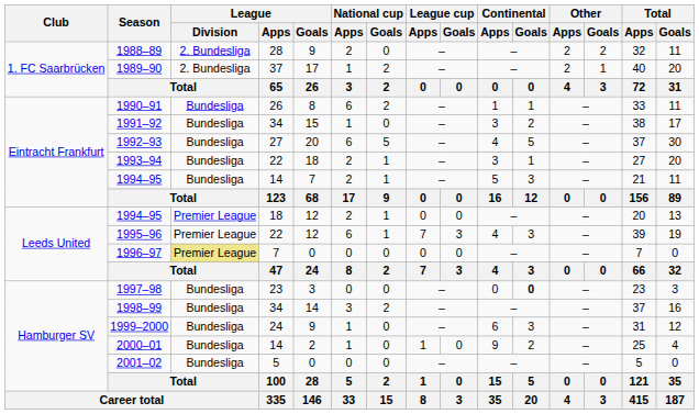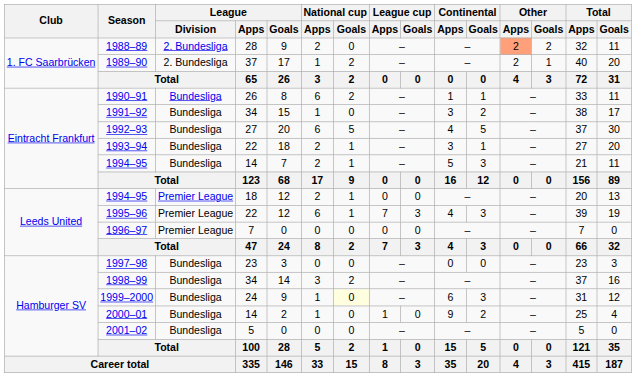 <table class="wikitable" style="text-align:center">
 <tr>
 <th rowspan="2">Club</th>
 <th rowspan="2">Season</th>
 <th colspan="3">League</th>
 <th colspan="2">National cup</th>
 <th colspan="2">League cup</th>
 <th colspan="2">Continental</th>
 <th colspan="2">Other</th>
 <th colspan="2">Total</th>
 </tr>
 <tr>
 <th>Division</th>
 <th>Apps</th>
 <th>Goals</th>
 <th>Apps</th>
 <th>Goals</th>
 <th>Apps</th>
 <th>Goals</th>
 <th>Apps</th>
 <th>Goals</th>
 <th>Apps</th>
 <th>Goals</th>
 <th>Apps</th>
 <th>Goals</th>
 </tr>
 <tr>
 <td rowspan="3"><a href='#'>1. FC Saarbrücken</a></td>
 <td><a href='#'>1988–89</a></td>
 <td><a href='#'>2. Bundesliga</a></td>
 <td>28</td>
 <td>9</td>
 <td>2</td>
 <td>0</td>
 <td colspan="2">–</td>
 <td colspan="2">–</td>
-<td>2</td>
+<td style="background: lightsalmon;">2</td>
 <td>2</td>
 <td>32</td>
 <td>11</td>
 </tr>
 <tr>
 <td><a href='#'>1989–90</a></td>
 <td>2. Bundesliga</td>
 <td>37</td>
 <td>17</td>
 <td>1</td>
 <td>2</td>
 <td colspan="2">–</td>
 <td colspan="2">–</td>
 <td>2</td>
 <td>1</td>
 <td>40</td>
 <td>20</td>
 </tr>
 <tr>
 <th colspan="2">Total</th>
 <th>65</th>
 <th>26</th>
 <th>3</th>
 <th>2</th>
 <th>0</th>
 <th>0</th>
 <th>0</th>
 <th>0</th>
 <th>4</th>
 <th>3</th>
 <th>72</th>
 <th>31</th>
 </tr>
 <tr>
 <td rowspan="6"><a href='#'>Eintracht Frankfurt</a></td>
 <td><a href='#'>1990–91</a></td>
 <td><a href='#'>Bundesliga</a></td>
 <td>26</td>
 <td>8</td>
 <td>6</td>
 <td>2</td>
 <td colspan="2">–</td>
 <td>1</td>
 <td>1</td>
 <td colspan="2">–</td>
 <td>33</td>
 <td>11</td>
 </tr>
 <tr>
 <td><a href='#'>1991–92</a></td>
 <td>Bundesliga</td>
 <td>34</td>
 <td>15</td>
 <td>1</td>
 <td>0</td>
 <td colspan="2">–</td>
 <td>3</td>
 <td>2</td>
 <td colspan="2">–</td>
 <td>38</td>
 <td>17</td>
 </tr>
 <tr>
 <td><a href='#'>1992–93</a></td>
 <td>Bundesliga</td>
 <td>27</td>
 <td>20</td>
 <td>6</td>
 <td>5</td>
 <td colspan="2">–</td>
 <td>4</td>
 <td>5</td>
 <td colspan="2">–</td>
 <td>37</td>
 <td>30</td>
 </tr>
 <tr>
 <td><a href='#'>1993–94</a></td>
 <td>Bundesliga</td>
 <td>22</td>
 <td>18</td>
 <td>2</td>
 <td>1</td>
 <td colspan="2">–</td>
 <td>3</td>
 <td>1</td>
 <td colspan="2">–</td>
 <td>27</td>
 <td>20</td>
 </tr>
 <tr>
 <td><a href='#'>1994–95</a></td>
 <td>Bundesliga</td>
 <td>14</td>
 <td>7</td>
 <td>2</td>
 <td>1</td>
 <td colspan="2">–</td>
 <td>5</td>
 <td>3</td>
 <td colspan="2">–</td>
 <td>21</td>
 <td>11</td>
 </tr>
 <tr>
 <th colspan="2">Total</th>
 <th>123</th>
 <th>68</th>
 <th>17</th>
 <th>9</th>
 <th>0</th>
 <th>0</th>
 <th>16</th>
 <th>12</th>
 <th>0</th>
 <th>0</th>
 <th>156</th>
 <th>89</th>
 </tr>
 <tr>
 <td rowspan="4"><a href='#'>Leeds United</a></td>
 <td><a href='#'>1994–95</a></td>
 <td><a href='#'>Premier League</a></td>
 <td>18</td>
 <td>12</td>
 <td>2</td>
 <td>1</td>
 <td>0</td>
 <td>0</td>
 <td colspan="2">–</td>
 <td colspan="2">–</td>
 <td>20</td>
 <td>13</td>
 </tr>
 <tr>
 <td><a href='#'>1995–96</a></td>
 <td>Premier League</td>
 <td>22</td>
 <td>12</td>
 <td>6</td>
 <td>1</td>
 <td>7</td>
 <td>3</td>
 <td>4</td>
 <td>3</td>
 <td colspan="2">–</td>
 <td>39</td>
 <td>19</td>
 </tr>
 <tr>
 <td><a href='#'>1996–97</a></td>
-<td style="background: khaki;">Premier League</td>
+<td>Premier League</td>
 <td>7</td>
 <td>0</td>
 <td>0</td>
 <td>0</td>
 <td>0</td>
 <td>0</td>
 <td colspan="2">–</td>
 <td colspan="2">–</td>
 <td>7</td>
 <td>0</td>
 </tr>
 <tr>
 <th colspan="2">Total</th>
 <th>47</th>
 <th>24</th>
 <th>8</th>
 <th>2</th>
 <th>7</th>
 <th>3</th>
 <th>4</th>
 <th>3</th>
 <th>0</th>
 <th>0</th>
 <th>66</th>
 <th>32</th>
 </tr>
 <tr>
 <td rowspan="6"><a href='#'>Hamburger SV</a></td>
 <td><a href='#'>1997–98</a></td>
 <td>Bundesliga</td>
 <td>23</td>
 <td>3</td>
 <td>0</td>
 <td>0</td>
 <td colspan="2">–</td>
 <td>0</td>
-<td><strong>0</strong></td>
+<td>0</td>
 <td colspan="2">–</td>
 <td>23</td>
 <td>3</td>
 </tr>
 <tr>
 <td><a href='#'>1998–99</a></td>
 <td>Bundesliga</td>
 <td>34</td>
 <td>14</td>
 <td>3</td>
 <td>2</td>
 <td colspan="2">–</td>
 <td colspan="2">–</td>
 <td colspan="2">–</td>
 <td>37</td>
 <td>16</td>
 </tr>
 <tr>
 <td><a href='#'>1999–2000</a></td>
 <td>Bundesliga</td>
 <td>24</td>
 <td>9</td>
 <td>1</td>
-<td>0</td>
+<td style="background: lightyellow;">0</td>
 <td colspan="2">–</td>
 <td>6</td>
 <td>3</td>
 <td colspan="2">–</td>
 <td>31</td>
 <td>12</td>
 </tr>
 <tr>
 <td><a href='#'>2000–01</a></td>
 <td>Bundesliga</td>
 <td>14</td>
 <td>2</td>
 <td>1</td>
 <td>0</td>
 <td>1</td>
 <td>0</td>
 <td>9</td>
 <td>2</td>
 <td colspan="2">–</td>
 <td>25</td>
 <td>4</td>
 </tr>
 <tr>
 <td><a href='#'>2001–02</a></td>
 <td>Bundesliga</td>
 <td>5</td>
 <td>0</td>
 <td>0</td>
 <td>0</td>
 <td colspan="2">–</td>
 <td colspan="2">–</td>
 <td colspan="2">–</td>
 <td>5</td>
 <td>0</td>
 </tr>
 <tr>
 <th colspan="2">Total</th>
 <th>100</th>
 <th>28</th>
 <th>5</th>
 <th>2</th>
 <th>1</th>
 <th>0</th>
 <th>15</th>
 <th>5</th>
 <th>0</th>
 <th>0</th>
 <th>121</th>
 <th>35</th>
 </tr>
 <tr>
 <th colspan="3">Career total</th>
 <th>335</th>
 <th>146</th>
 <th>33</th>
 <th>15</th>
 <th>8</th>
 <th>3</th>
 <th>35</th>
 <th>20</th>
 <th>4</th>
 <th>3</th>
 <th>415</th>
 <th>187</th>
 </tr>
 </table>
